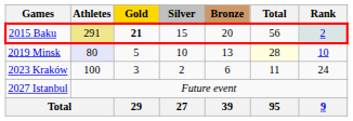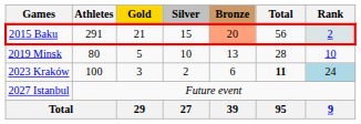 <table class="wikitable" style="text-align:center; font-size:90%;">
 <tr>
 <th>Games</th>
 <th>Athletes</th>
 <td style="background:gold; width:3.7em; font-weight:bold;">Gold</td>
 <td style="background:silver; width:3.7em; font-weight:bold;">Silver</td>
 <td style="background:#cc9966; width:3.7em; font-weight:bold;">Bronze</td>
 <th style="width:4em; font-weight:bold;">Total</th>
 <th style="width:4em; font-weight:bold;">Rank</th>
 </tr>
 <tr style="border: 3px solid red">
 <td align=left> <a href='#'>2015 Baku</a></td>
-<td style="background: khaki;">291</td>
-<td><strong>21</strong></td>
+<td>291</td>
+<td>21</td>
 <td>15</td>
-<td>20</td>
+<td style="background: lightsalmon;">20</td>
 <td>56</td>
 <td bgcolor=DCE5E5><a href='#'>2</a></td>
 </tr>
 <tr>
 <td align=left> <a href='#'>2019 Minsk</a></td>
-<td style="background: lavender;">80</td>
+<td>80</td>
 <td>5</td>
 <td>10</td>
 <td>13</td>
-<td style="background: lightyellow;">28</td>
+<td>28</td>
 <td><a href='#'>10</a></td>
 </tr>
 <tr>
 <td align=left> <a href='#'>2023 Kraków</a></td>
 <td>100</td>
 <td>3</td>
 <td>2</td>
 <td>6</td>
-<td>11</td>
-<td>24</td>
+<td><strong>11</strong></td>
+<td style="background: lightblue;">24</td>
 </tr>
 <tr>
 <td align=left> <a href='#'>2027 Istanbul</a></td>
 <td colspan=6><em>Future event</em></td>
 </tr>
 <tr>
 <th colspan=2>Total</th>
 <th>29</th>
 <th>27</th>
 <th>39</th>
 <th>95</th>
 <th><a href='#'>9</a></th>
 </tr>
 </table>
